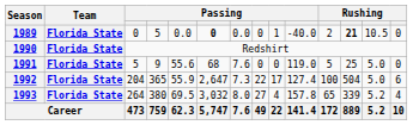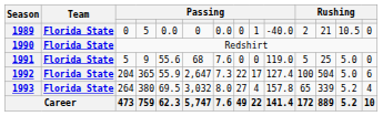 <table class="wikitable" style="text-align:center;">
 <tr>
 <th rowspan="2">Season</th>
 <th rowspan="2">Team</th>
 <th colspan="8">Passing</th>
 <th colspan="4">Rushing</th>
 </tr>
 <tr>
 <th></th>
 <th></th>
 <th></th>
 <th></th>
 <th></th>
 <th></th>
 <th></th>
 <th></th>
 <th></th>
 <th></th>
 <th></th>
 <th></th>
 </tr>
 <tr>
 <th><a href='#'>1989</a></th>
 <th><a href='#'>Florida State</a></th>
 <td>0</td>
 <td>5</td>
 <td>0.0</td>
-<td><strong>0</strong></td>
+<td>0</td>
 <td>0.0</td>
 <td>0</td>
 <td>1</td>
 <td>-40.0</td>
 <td>2</td>
-<td><strong>21</strong></td>
+<td>21</td>
 <td>10.5</td>
 <td>0</td>
 </tr>
 <tr>
 <th><a href='#'>1990</a></th>
 <th><a href='#'>Florida State</a></th>
 <td colspan="12">Redshirt</td>
 </tr>
 <tr>
 <th><a href='#'>1991</a></th>
 <th><a href='#'>Florida State</a></th>
 <td>5</td>
 <td>9</td>
 <td>55.6</td>
 <td>68</td>
 <td>7.6</td>
 <td>0</td>
 <td>0</td>
 <td>119.0</td>
 <td>5</td>
 <td>25</td>
 <td>5.0</td>
 <td>0</td>
 </tr>
 <tr>
 <th><a href='#'>1992</a></th>
 <th><a href='#'>Florida State</a></th>
 <td>204</td>
 <td>365</td>
 <td>55.9</td>
 <td>2,647</td>
 <td>7.3</td>
 <td>22</td>
 <td>17</td>
 <td>127.4</td>
 <td>100</td>
 <td>504</td>
 <td>5.0</td>
 <td>6</td>
 </tr>
 <tr>
 <th><a href='#'>1993</a></th>
 <th><a href='#'>Florida State</a></th>
 <td>264</td>
 <td>380</td>
 <td>69.5</td>
 <td>3,032</td>
 <td>8.0</td>
 <td>27</td>
 <td>4</td>
 <td>157.8</td>
 <td>65</td>
 <td>339</td>
 <td>5.2</td>
 <td>4</td>
 </tr>
 <tr>
 <th colspan="2">Career</th>
 <th>473</th>
 <th>759</th>
 <th>62.3</th>
 <th>5,747</th>
 <th>7.6</th>
 <th>49</th>
 <th>22</th>
 <th>141.4</th>
 <th>172</th>
 <th>889</th>
 <th>5.2</th>
 <th>10</th>
 </tr>
 </table>
